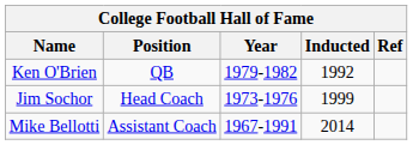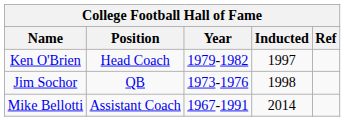 <table class="wikitable">
 <tr align="center">
 <th colspan=5>College Football Hall of Fame</th>
 </tr>
 <tr>
 <th>Name</th>
 <th>Position</th>
 <th>Year</th>
 <th>Inducted</th>
 <th>Ref</th>
 </tr>
 <tr align="center" bgcolor="">
 <td><a href='#'>Ken O'Brien</a></td>
-<td><a href='#'>QB</a></td>
+<td><a href='#'>Head Coach</a></td>
 <td><a href='#'>1979</a>-<a href='#'>1982</a></td>
-<td>1992</td>
+<td>1997</td>
 <td></td>
 </tr>
 <tr align="center" bgcolor="">
 <td><a href='#'>Jim Sochor</a></td>
-<td><a href='#'>Head Coach</a></td>
+<td><a href='#'>QB</a></td>
 <td><a href='#'>1973</a>-<a href='#'>1976</a></td>
-<td>1999</td>
+<td>1998</td>
 <td></td>
 </tr>
 <tr align="center" bgcolor="">
 <td><a href='#'>Mike Bellotti</a></td>
 <td><a href='#'>Assistant Coach</a></td>
 <td><a href='#'>1967</a>-<a href='#'>1991</a></td>
 <td>2014</td>
 <td></td>
 </tr>
 </table>
